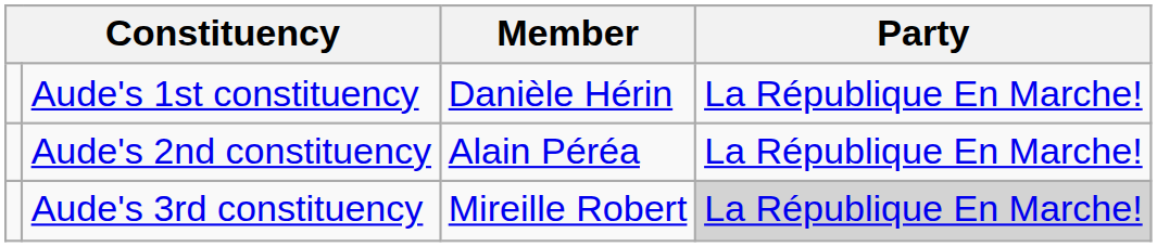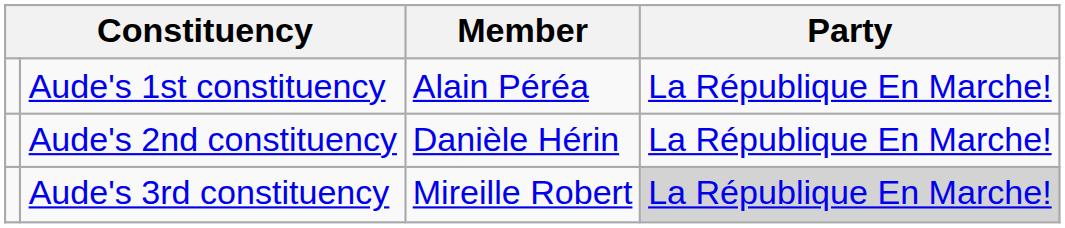 <table class="wikitable">
 <tr>
 <th colspan="2">Constituency</th>
 <th>Member</th>
 <th>Party</th>
 </tr>
 <tr>
 <td style="background-color: "></td>
 <td><a href='#'>Aude's 1st constituency</a></td>
-<td><a href='#'>Danièle Hérin</a></td>
+<td><a href='#'>Alain Péréa</a></td>
 <td><a href='#'>La République En Marche!</a></td>
 </tr>
 <tr>
 <td style="background-color: "></td>
 <td><a href='#'>Aude's 2nd constituency</a></td>
-<td><a href='#'>Alain Péréa</a></td>
+<td><a href='#'>Danièle Hérin</a></td>
 <td><a href='#'>La République En Marche!</a></td>
 </tr>
 <tr>
 <td style="background-color: "></td>
 <td><a href='#'>Aude's 3rd constituency</a></td>
 <td><a href='#'>Mireille Robert</a></td>
 <td style="background: lightgrey;"><a href='#'>La République En Marche!</a></td>
 </tr>
 </table>
